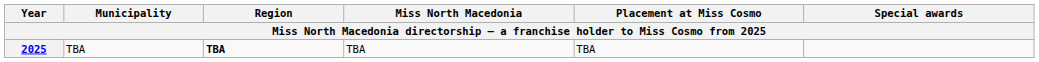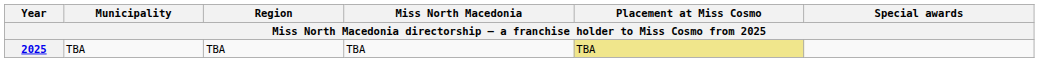 <table class="wikitable " style="font-size: 90%;">
 <tr>
 <th width="60">Year</th>
 <th width="150">Municipality</th>
 <th width="150">Region</th>
 <th width="250">Miss North Macedonia</th>
 <th width="250">Placement at Miss Cosmo</th>
 <th width="250">Special awards</th>
 </tr>
 <tr>
 <th colspan="6">Miss North Macedonia directorship — a franchise holder to Miss Cosmo from 2025</th>
 </tr>
 <tr>
 <th><a href='#'>2025</a></th>
 <td>TBA</td>
-<td><strong>TBA</strong></td>
 <td>TBA</td>
 <td>TBA</td>
+<td style="background: khaki;">TBA</td>
 <td></td>
 </tr>
 </table>
